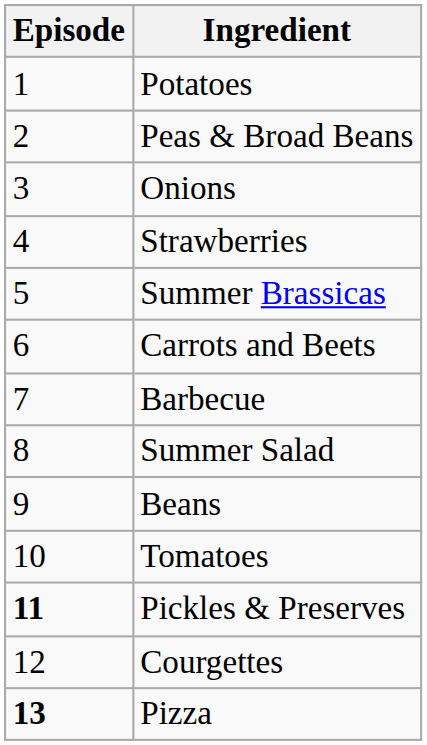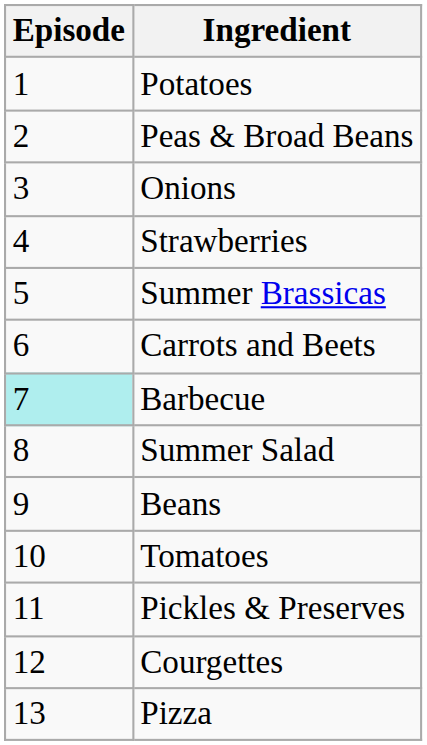 <table class="wikitable">
 <tr>
 <th>Episode</th>
 <th>Ingredient</th>
 </tr>
 <tr>
 <td>1</td>
 <td>Potatoes</td>
 </tr>
 <tr>
 <td>2</td>
 <td>Peas & Broad Beans</td>
 </tr>
 <tr>
 <td>3</td>
 <td>Onions</td>
 </tr>
 <tr>
 <td>4</td>
 <td>Strawberries</td>
 </tr>
 <tr>
 <td>5</td>
 <td>Summer <a href='#'>Brassicas</a></td>
 </tr>
 <tr>
 <td>6</td>
 <td>Carrots and Beets</td>
 </tr>
 <tr>
-<td>7</td>
+<td style="background: paleturquoise;">7</td>
 <td>Barbecue</td>
 </tr>
 <tr>
 <td>8</td>
 <td>Summer Salad</td>
 </tr>
 <tr>
 <td>9</td>
 <td>Beans</td>
 </tr>
 <tr>
 <td>10</td>
 <td>Tomatoes</td>
 </tr>
 <tr>
-<td><strong>11</strong></td>
+<td>11</td>
 <td>Pickles & Preserves</td>
 </tr>
 <tr>
 <td>12</td>
 <td>Courgettes</td>
 </tr>
 <tr>
-<td><strong>13</strong></td>
+<td>13</td>
 <td>Pizza</td>
 </tr>
 </table>
